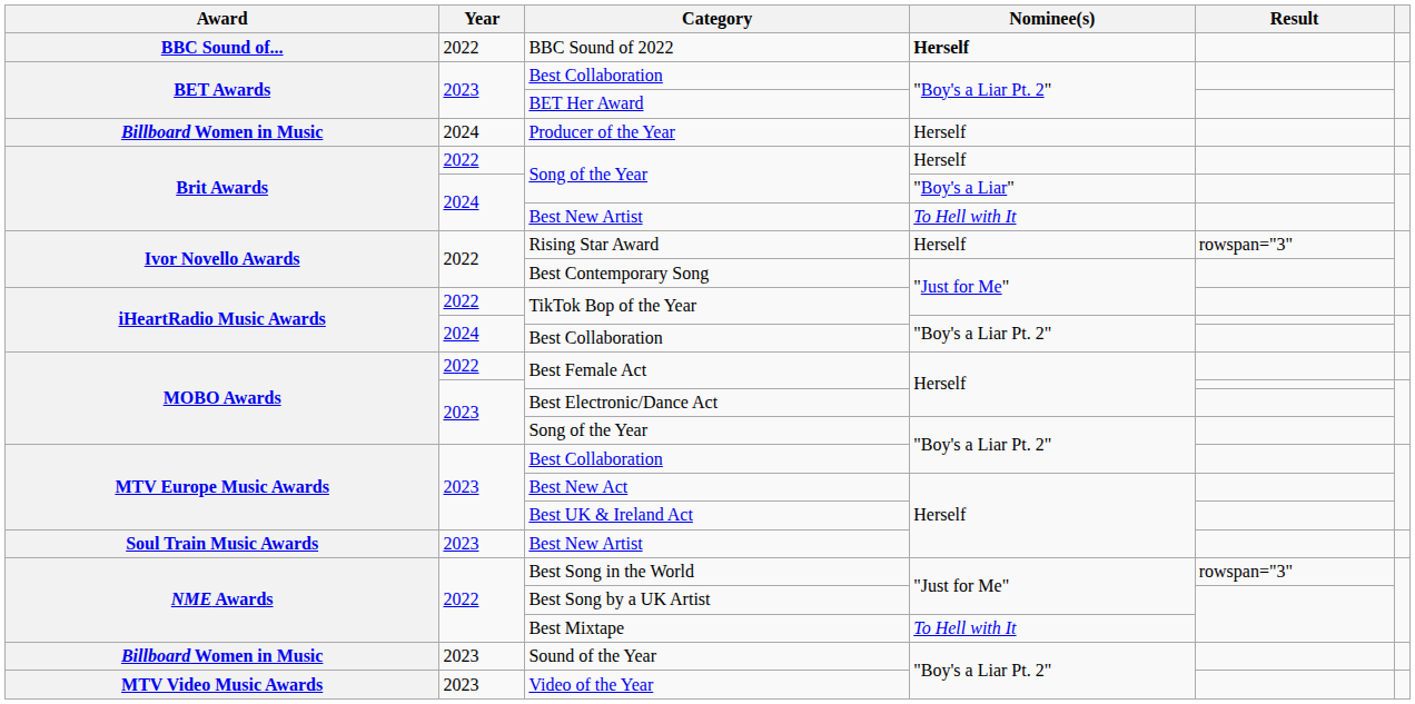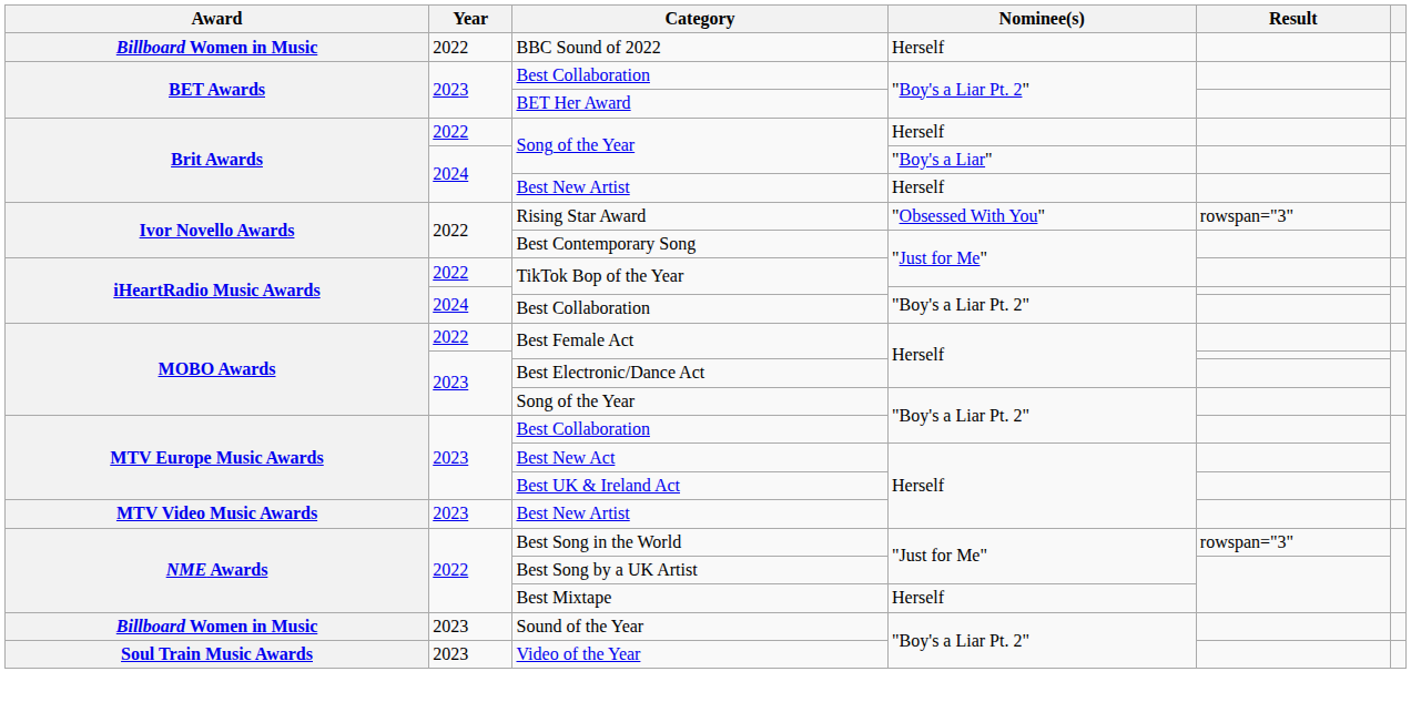 <table class="wikitable sortable plainrowheaders" width=100%>
 <tr>
 <th scope="col">Award</th>
 <th scope="col">Year</th>
 <th scope="col">Category</th>
 <th scope="col">Nominee(s)</th>
 <th scope="col">Result</th>
 <th scope="col" class="unsortable"></th>
 </tr>
 <tr>
-<th scope="row"><a href='#'>BBC Sound of...</a></th>
+<th scope="row"><a href='#'><em>Billboard</em> Women in Music</a></th>
 <td>2022</td>
 <td>BBC Sound of 2022</td>
-<td><strong>Herself</strong></td>
+<td>Herself</td>
 <td></td>
 <td></td>
 </tr>
 <tr>
 <th scope="row" rowspan="2"><a href='#'>BET Awards</a></th>
 <td rowspan="2"><a href='#'>2023</a></td>
 <td><a href='#'>Best Collaboration</a></td>
 <td rowspan="2">"<a href='#'>Boy's a Liar Pt. 2</a>" </td>
 <td></td>
 <td rowspan="2"></td>
 </tr>
 <tr>
 <td><a href='#'>BET Her Award</a></td>
-<td></td>
-</tr>
-<tr>
-<th scope="row"><a href='#'><em>Billboard</em> Women in Music</a></th>
-<td>2024</td>
-<td><a href='#'>Producer of the Year</a></td>
-<td>Herself</td>
-<td></td>
 <td></td>
 </tr>
 <tr>
 <th rowspan="3" scope="row"><a href='#'>Brit Awards</a></th>
 <td><a href='#'>2022</a></td>
 <td rowspan="2"><a href='#'>Song of the Year</a></td>
 <td>Herself</td>
 <td></td>
 <td></td>
 </tr>
 <tr>
 <td rowspan="2"><a href='#'>2024</a></td>
 <td>"<a href='#'>Boy's a Liar</a>"</td>
 <td></td>
 <td rowspan="2"></td>
 </tr>
 <tr>
 <td><a href='#'>Best New Artist</a></td>
-<td><em><a href='#'>To Hell with It</a></em></td>
+<td>Herself</td>
 <td></td>
 </tr>
 <tr>
 <th scope="row" rowspan="2"><a href='#'>Ivor Novello Awards</a></th>
 <td rowspan="2">2022</td>
 <td>Rising Star Award</td>
-<td>Herself</td>
+<td>"<a href='#'>Obsessed With You</a>"</td>
 <td>rowspan="3" </td>
 <td rowspan="2"></td>
 </tr>
 <tr>
 <td>Best Contemporary Song</td>
 <td rowspan="2">"<a href='#'>Just for Me</a>"</td>
 </tr>
 <tr>
 <th scope="row" rowspan="3"><a href='#'>iHeartRadio Music Awards</a></th>
 <td><a href='#'>2022</a></td>
 <td rowspan="2">TikTok Bop of the Year</td>
 <td></td>
 </tr>
 <tr>
 <td rowspan="2"><a href='#'>2024</a></td>
 <td rowspan="2">"Boy's a Liar Pt. 2" </td>
 <td></td>
 <td style="text-align:center;" rowspan="2"></td>
 </tr>
 <tr>
 <td>Best Collaboration</td>
 <td></td>
 </tr>
 <tr>
 <th scope="row" rowspan="4"><a href='#'>MOBO Awards</a></th>
 <td><a href='#'>2022</a></td>
 <td rowspan="2">Best Female Act</td>
 <td rowspan="3">Herself</td>
 <td></td>
 <td></td>
 </tr>
 <tr>
 <td rowspan="3"><a href='#'>2023</a></td>
 <td></td>
 <td rowspan="3" align="center"></td>
 </tr>
 <tr>
 <td>Best Electronic/Dance Act</td>
 <td></td>
 </tr>
 <tr>
 <td>Song of the Year</td>
 <td rowspan="2">"Boy's a Liar Pt. 2" </td>
 <td></td>
 </tr>
 <tr>
 <th scope="row" rowspan="3"><a href='#'>MTV Europe Music Awards</a></th>
 <td rowspan="3"><a href='#'>2023</a></td>
 <td><a href='#'>Best Collaboration</a></td>
 <td></td>
 <td rowspan="3"></td>
 </tr>
 <tr>
 <td><a href='#'>Best New Act</a></td>
 <td rowspan="3">Herself</td>
 <td></td>
 </tr>
 <tr>
 <td><a href='#'>Best UK & Ireland Act</a></td>
 <td></td>
 </tr>
 <tr>
-<th scope="row"><a href='#'>Soul Train Music Awards</a></th>
+<th scope="row"><a href='#'>MTV Video Music Awards</a></th>
 <td><a href='#'>2023</a></td>
 <td><a href='#'>Best New Artist</a></td>
 <td></td>
 <td></td>
 </tr>
 <tr>
 <th scope="row" rowspan="3"><a href='#'><em>NME</em> Awards</a></th>
 <td rowspan="3"><a href='#'>2022</a></td>
 <td>Best Song in the World</td>
 <td rowspan="2">"Just for Me"</td>
 <td>rowspan="3" </td>
 <td rowspan="3"></td>
 </tr>
 <tr>
 <td>Best Song by a UK Artist</td>
 </tr>
 <tr>
 <td>Best Mixtape</td>
-<td><em><a href='#'>To Hell with It</a></em></td>
+<td>Herself</td>
 </tr>
 <tr>
 <th scope="row"><a href='#'><em>Billboard</em> Women in Music</a></th>
 <td>2023</td>
 <td>Sound of the Year</td>
 <td rowspan="2">"Boy's a Liar Pt. 2" </td>
 <td></td>
 <td></td>
 </tr>
 <tr>
-<th scope="row"><a href='#'>MTV Video Music Awards</a></th>
+<th scope="row"><a href='#'>Soul Train Music Awards</a></th>
 <td>2023</td>
 <td><a href='#'>Video of the Year</a></td>
 <td></td>
 <td></td>
 </tr>
 </table>
